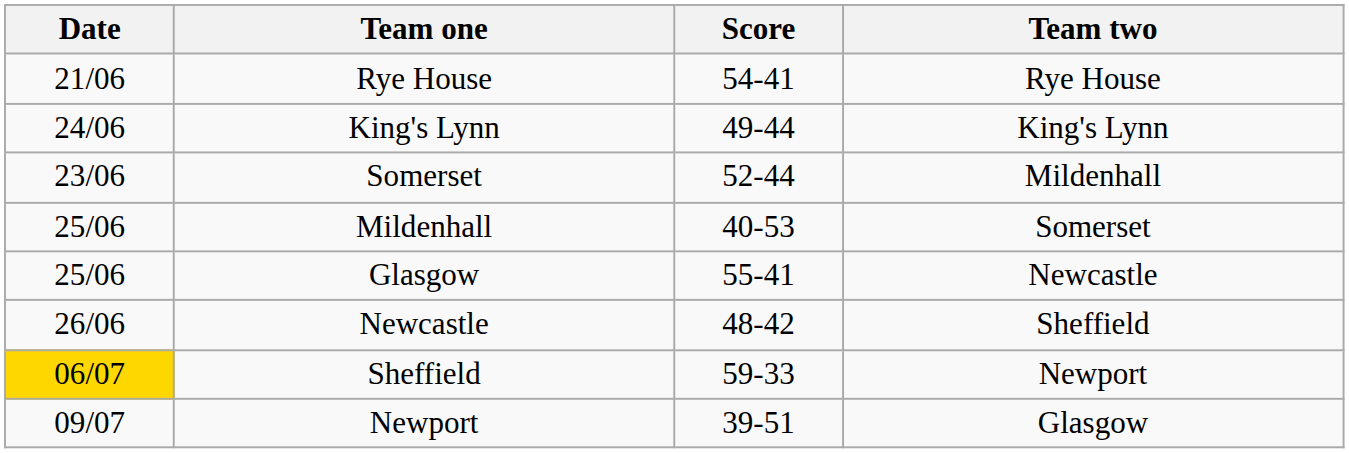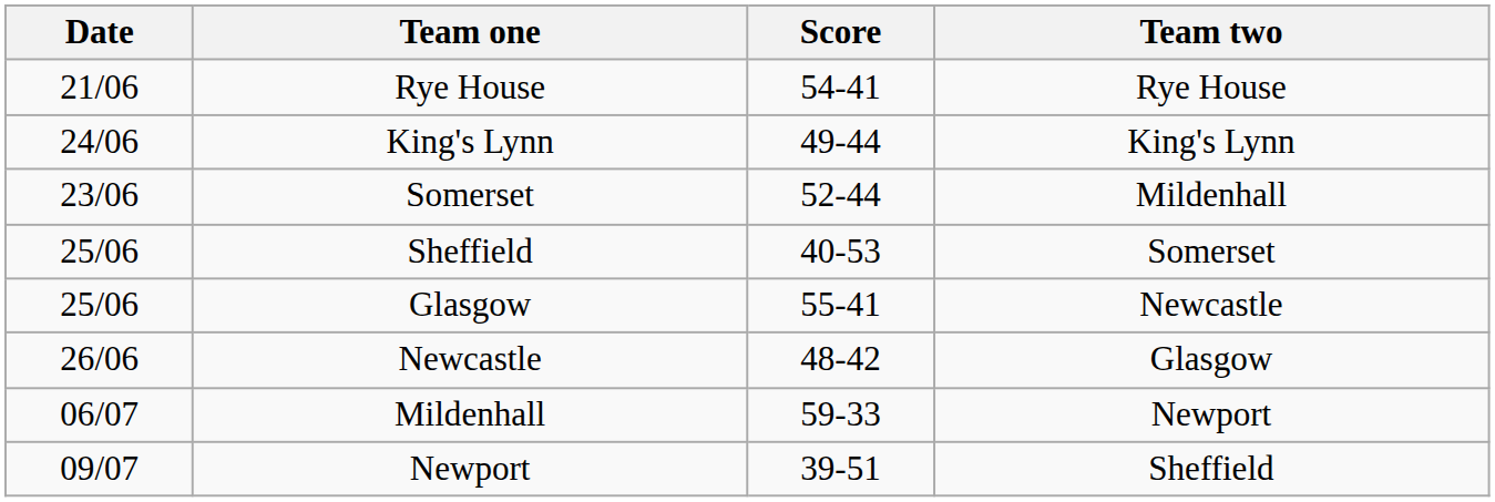 <table class="wikitable" style="text-align: center">
 <tr>
 <th width=80>Date</th>
 <th width=250>Team one</th>
 <th width=80>Score</th>
 <th width=250>Team two</th>
 </tr>
 <tr>
 <td>21/06</td>
 <td>Rye House</td>
 <td>54-41</td>
 <td>Rye House</td>
 </tr>
 <tr>
 <td>24/06</td>
 <td>King's Lynn</td>
 <td>49-44</td>
 <td>King's Lynn</td>
 </tr>
 <tr>
 <td>23/06</td>
 <td>Somerset</td>
 <td>52-44</td>
 <td>Mildenhall</td>
 </tr>
 <tr>
 <td>25/06</td>
-<td>Mildenhall</td>
+<td>Sheffield</td>
 <td>40-53</td>
 <td>Somerset</td>
 </tr>
 <tr>
 <td>25/06</td>
 <td>Glasgow</td>
 <td>55-41</td>
 <td>Newcastle</td>
 </tr>
 <tr>
 <td>26/06</td>
 <td>Newcastle</td>
 <td>48-42</td>
-<td>Sheffield</td>
+<td>Glasgow</td>
 </tr>
 <tr>
-<td style="background: gold;">06/07</td>
-<td>Sheffield</td>
+<td>06/07</td>
+<td>Mildenhall</td>
 <td>59-33</td>
 <td>Newport</td>
 </tr>
 <tr>
 <td>09/07</td>
 <td>Newport</td>
 <td>39-51</td>
-<td>Glasgow</td>
+<td>Sheffield</td>
 </tr>
 </table>
